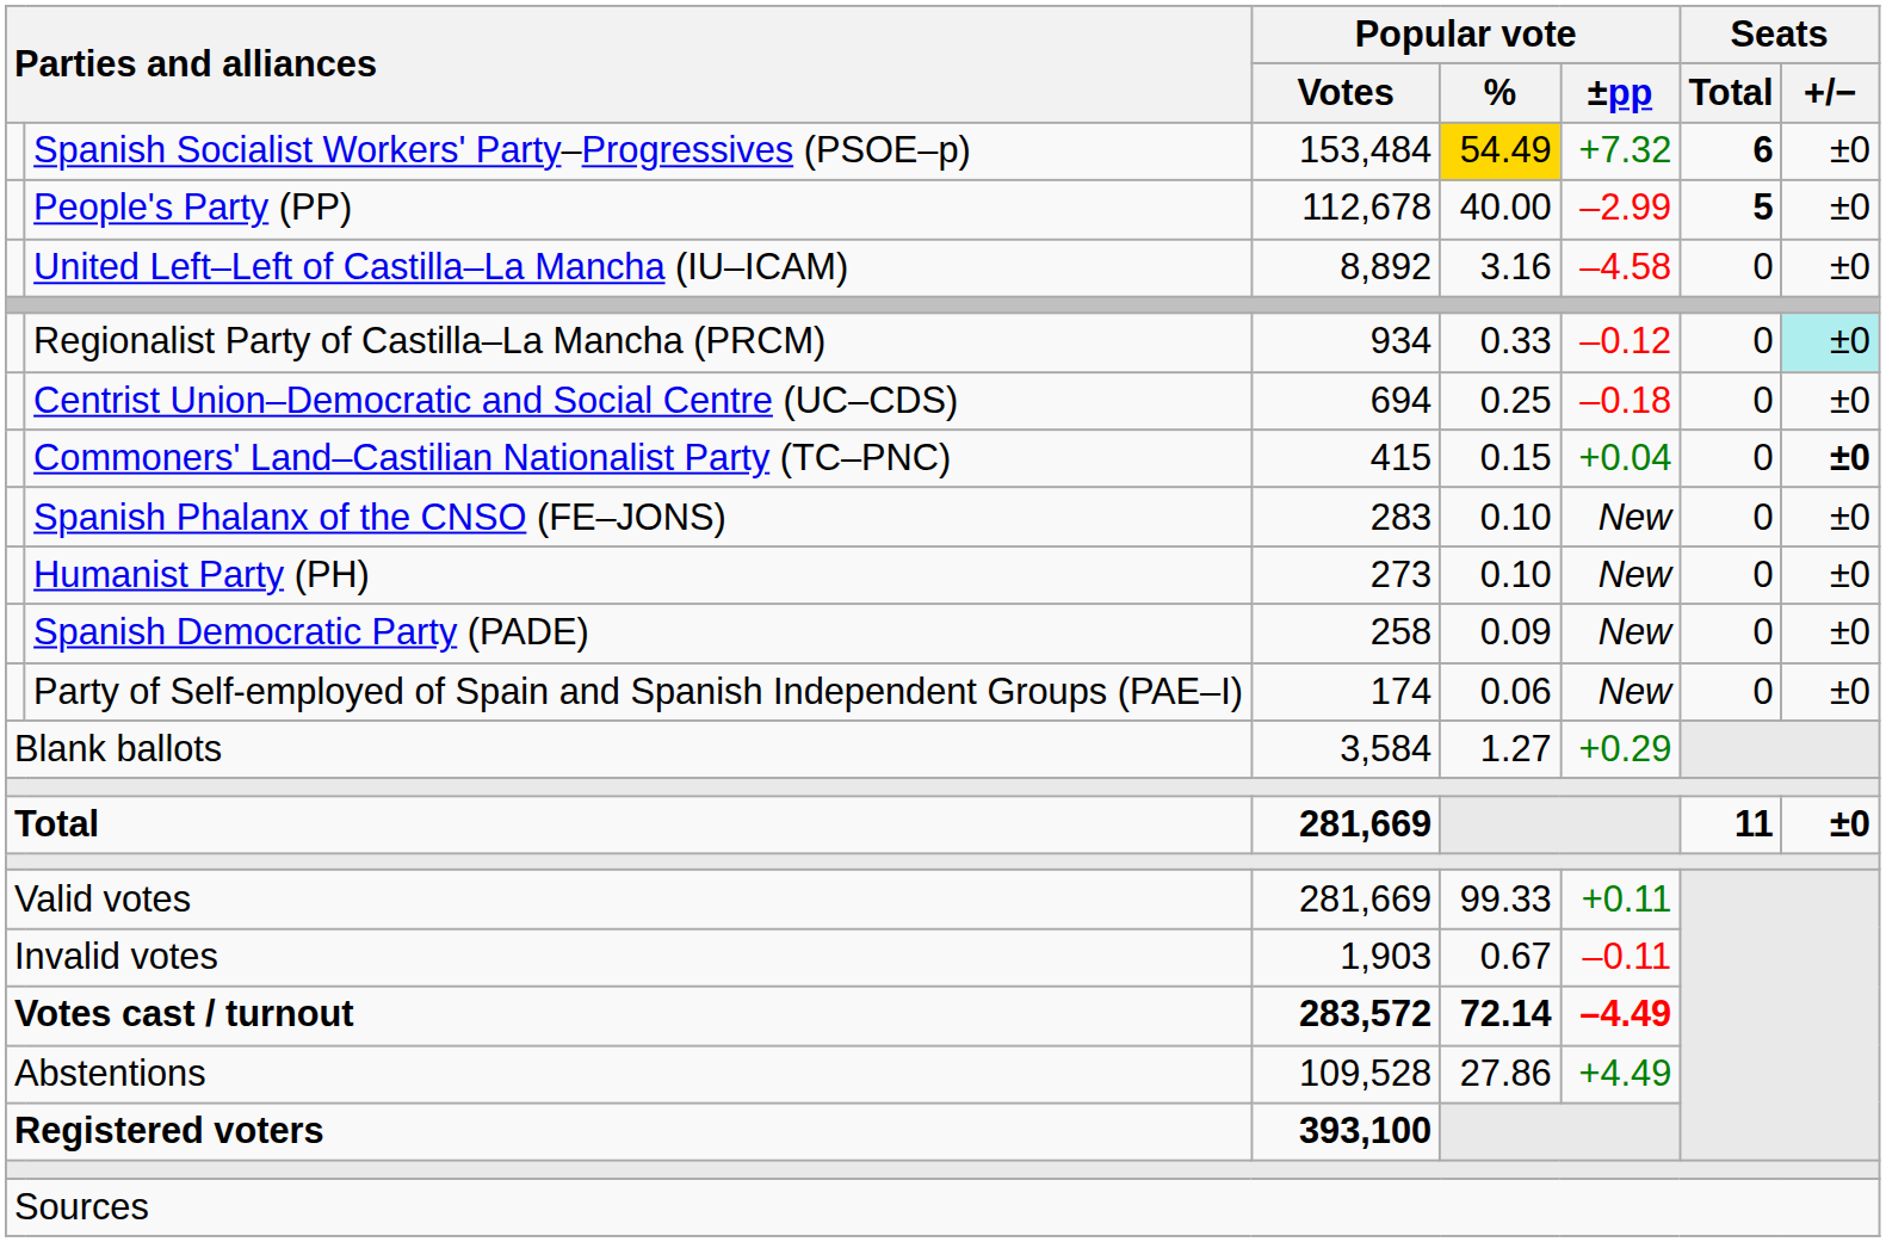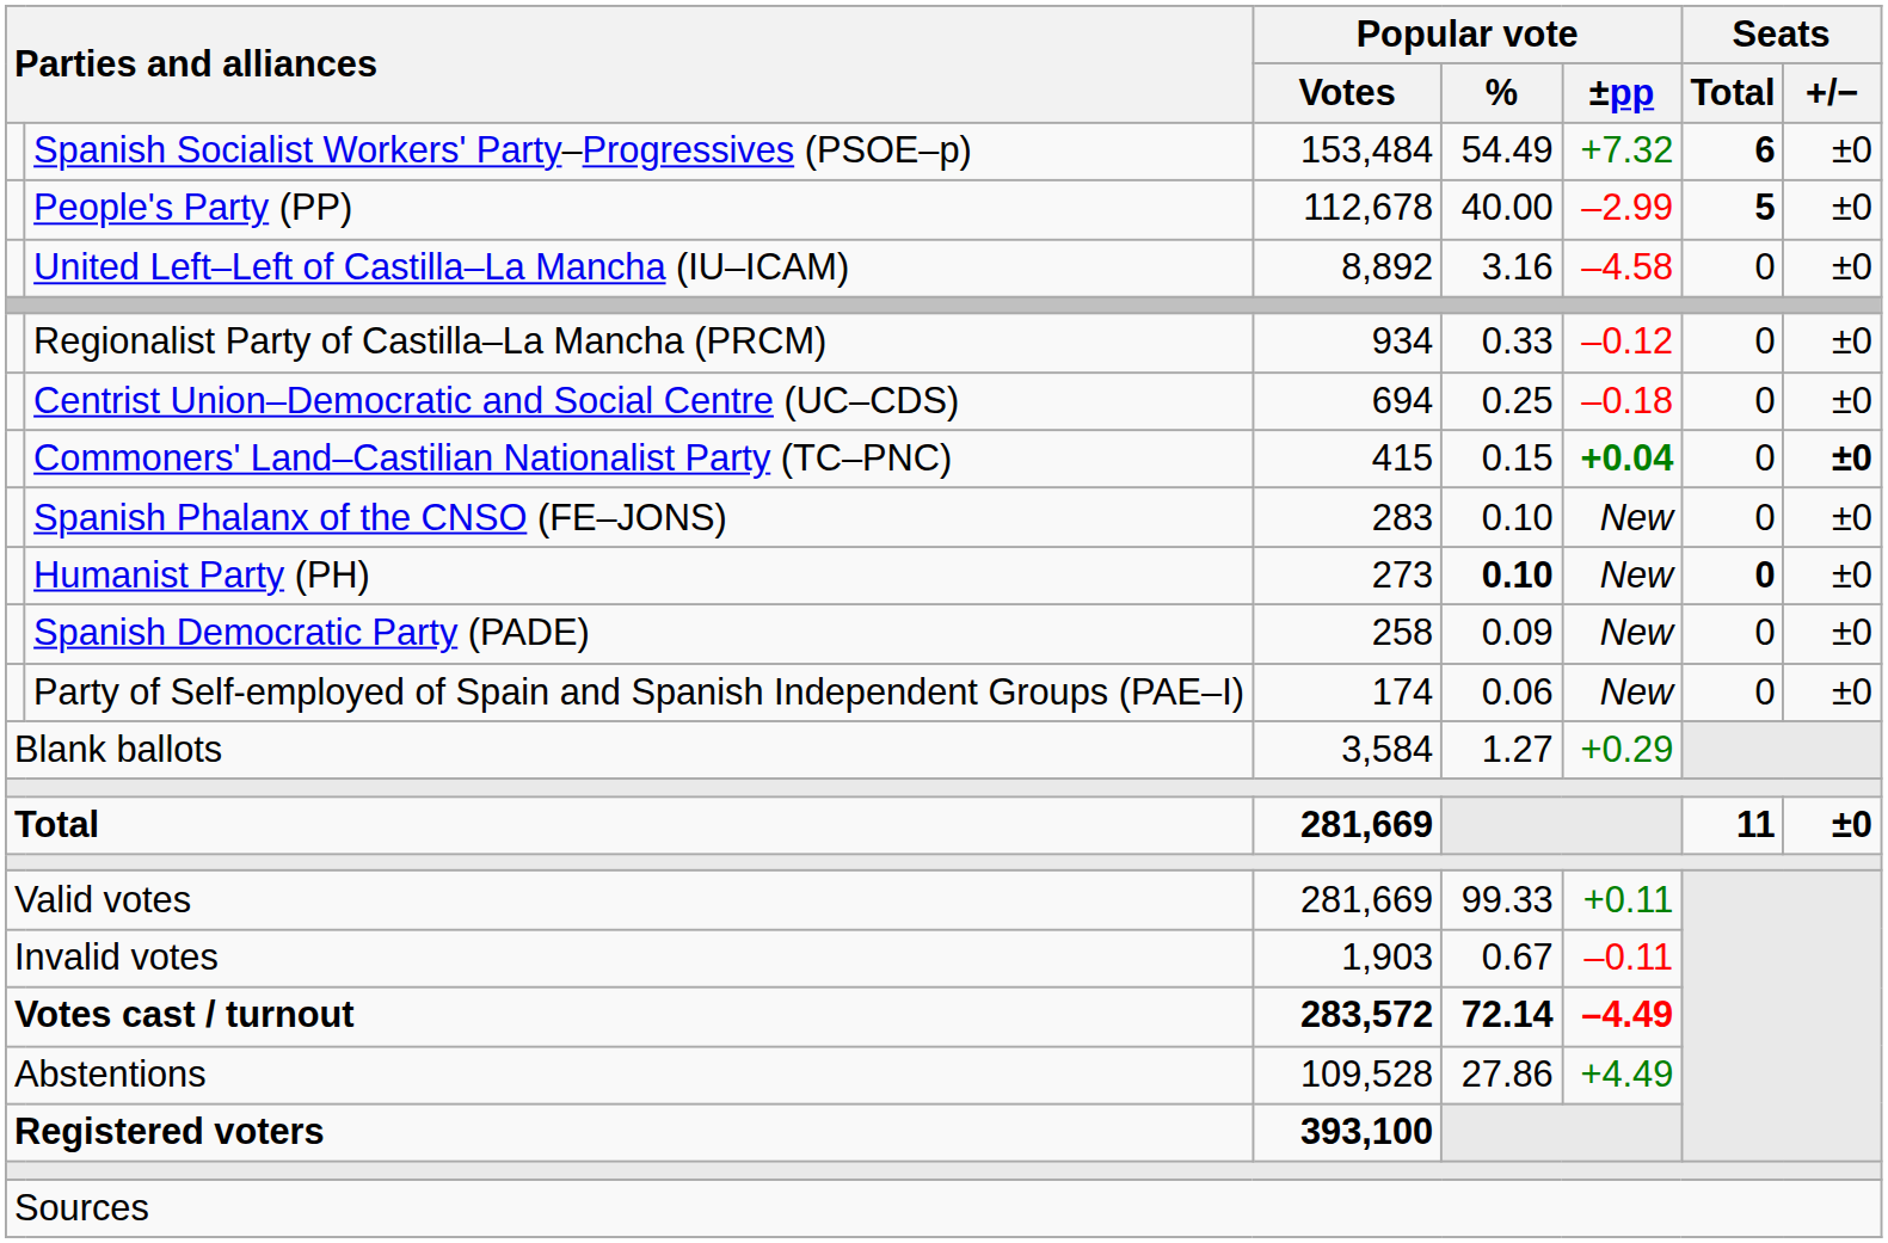 <table class="wikitable" style="text-align:right;">
 <tr>
 <th style="text-align:left;" rowspan="2" colspan="2" width="525">Parties and alliances</th>
 <th colspan="3">Popular vote</th>
 <th colspan="2">Seats</th>
 </tr>
 <tr>
 <th width="75">Votes</th>
 <th width="45">%</th>
 <th width="45">±<a href='#'>pp</a></th>
 <th width="35">Total</th>
 <th width="35">+/−</th>
 </tr>
 <tr>
 <td width="1" style="color:inherit;background:"></td>
 <td align="left"><a href='#'>Spanish Socialist Workers' Party</a>–<a href='#'>Progressives</a> (PSOE–p)</td>
 <td>153,484</td>
-<td style="background: gold;">54.49</td>
+<td>54.49</td>
 <td style="color:green;">+7.32</td>
 <td><strong>6</strong></td>
 <td>±0</td>
 </tr>
 <tr>
 <td style="color:inherit;background:"></td>
 <td align="left"><a href='#'>People's Party</a> (PP)</td>
 <td>112,678</td>
 <td>40.00</td>
 <td style="color:red;">–2.99</td>
 <td><strong>5</strong></td>
 <td>±0</td>
 </tr>
 <tr>
 <td style="color:inherit;background:"></td>
 <td align="left"><a href='#'>United Left–Left of Castilla–La Mancha</a> (IU–ICAM)</td>
 <td>8,892</td>
 <td>3.16</td>
 <td style="color:red;">–4.58</td>
 <td>0</td>
 <td>±0</td>
 </tr>
 <tr>
 <td colspan="7" bgcolor="#C0C0C0"></td>
 </tr>
 <tr>
 <td style="color:inherit;background:"></td>
 <td align="left">Regionalist Party of Castilla–La Mancha (PRCM)</td>
 <td>934</td>
 <td>0.33</td>
 <td style="color:red;">–0.12</td>
 <td>0</td>
-<td style="background: paleturquoise;">±0</td>
+<td>±0</td>
 </tr>
 <tr>
 <td style="color:inherit;background:"></td>
 <td align="left"><a href='#'>Centrist Union–Democratic and Social Centre</a> (UC–CDS)</td>
 <td>694</td>
 <td>0.25</td>
 <td style="color:red;">–0.18</td>
 <td>0</td>
 <td>±0</td>
 </tr>
 <tr>
 <td style="color:inherit;background:"></td>
 <td align="left"><a href='#'>Commoners' Land–Castilian Nationalist Party</a> (TC–PNC)</td>
 <td>415</td>
 <td>0.15</td>
-<td style="color:green;">+0.04</td>
+<td style="color:green;"><strong>+0.04</strong></td>
 <td>0</td>
 <td><strong>±0</strong></td>
 </tr>
 <tr>
 <td style="color:inherit;background:"></td>
 <td align="left"><a href='#'>Spanish Phalanx of the CNSO</a> (FE–JONS)</td>
 <td>283</td>
 <td>0.10</td>
 <td><em>New</em></td>
 <td>0</td>
 <td>±0</td>
 </tr>
 <tr>
 <td style="color:inherit;background:"></td>
 <td align="left"><a href='#'>Humanist Party</a> (PH)</td>
 <td>273</td>
-<td>0.10</td>
+<td><strong>0.10</strong></td>
 <td><em>New</em></td>
-<td>0</td>
+<td><strong>0</strong></td>
 <td>±0</td>
 </tr>
 <tr>
 <td style="color:inherit;background:"></td>
 <td align="left"><a href='#'>Spanish Democratic Party</a> (PADE)</td>
 <td>258</td>
 <td>0.09</td>
 <td><em>New</em></td>
 <td>0</td>
 <td>±0</td>
 </tr>
 <tr>
 <td style="color:inherit;background:"></td>
 <td align="left">Party of Self-employed of Spain and Spanish Independent Groups (PAE–I)</td>
 <td>174</td>
 <td>0.06</td>
 <td><em>New</em></td>
 <td>0</td>
 <td>±0</td>
 </tr>
 <tr>
 <td align="left" colspan="2">Blank ballots</td>
 <td>3,584</td>
 <td>1.27</td>
 <td style="color:green;">+0.29</td>
 <td bgcolor="#E9E9E9" colspan="2"></td>
 </tr>
 <tr>
 <td colspan="7" bgcolor="#E9E9E9"></td>
 </tr>
 <tr style="font-weight:bold;">
 <td align="left" colspan="2">Total</td>
 <td>281,669</td>
 <td bgcolor="#E9E9E9" colspan="2"></td>
 <td>11</td>
 <td>±0</td>
 </tr>
 <tr>
 <td colspan="7" bgcolor="#E9E9E9"></td>
 </tr>
 <tr>
 <td align="left" colspan="2">Valid votes</td>
 <td>281,669</td>
 <td>99.33</td>
 <td style="color:green;">+0.11</td>
 <td bgcolor="#E9E9E9" colspan="2" rowspan="5"></td>
 </tr>
 <tr>
 <td align="left" colspan="2">Invalid votes</td>
 <td>1,903</td>
 <td>0.67</td>
 <td style="color:red;">–0.11</td>
 </tr>
 <tr style="font-weight:bold;">
 <td align="left" colspan="2">Votes cast / turnout</td>
 <td>283,572</td>
 <td>72.14</td>
 <td style="color:red;">–4.49</td>
 </tr>
 <tr>
 <td align="left" colspan="2">Abstentions</td>
 <td>109,528</td>
 <td>27.86</td>
 <td style="color:green;">+4.49</td>
 </tr>
 <tr style="font-weight:bold;">
 <td align="left" colspan="2">Registered voters</td>
 <td>393,100</td>
 <td bgcolor="#E9E9E9" colspan="2"></td>
 </tr>
 <tr>
 <td colspan="7" bgcolor="#E9E9E9"></td>
 </tr>
 <tr>
 <td align="left" colspan="7">Sources</td>
 </tr>
 </table>
